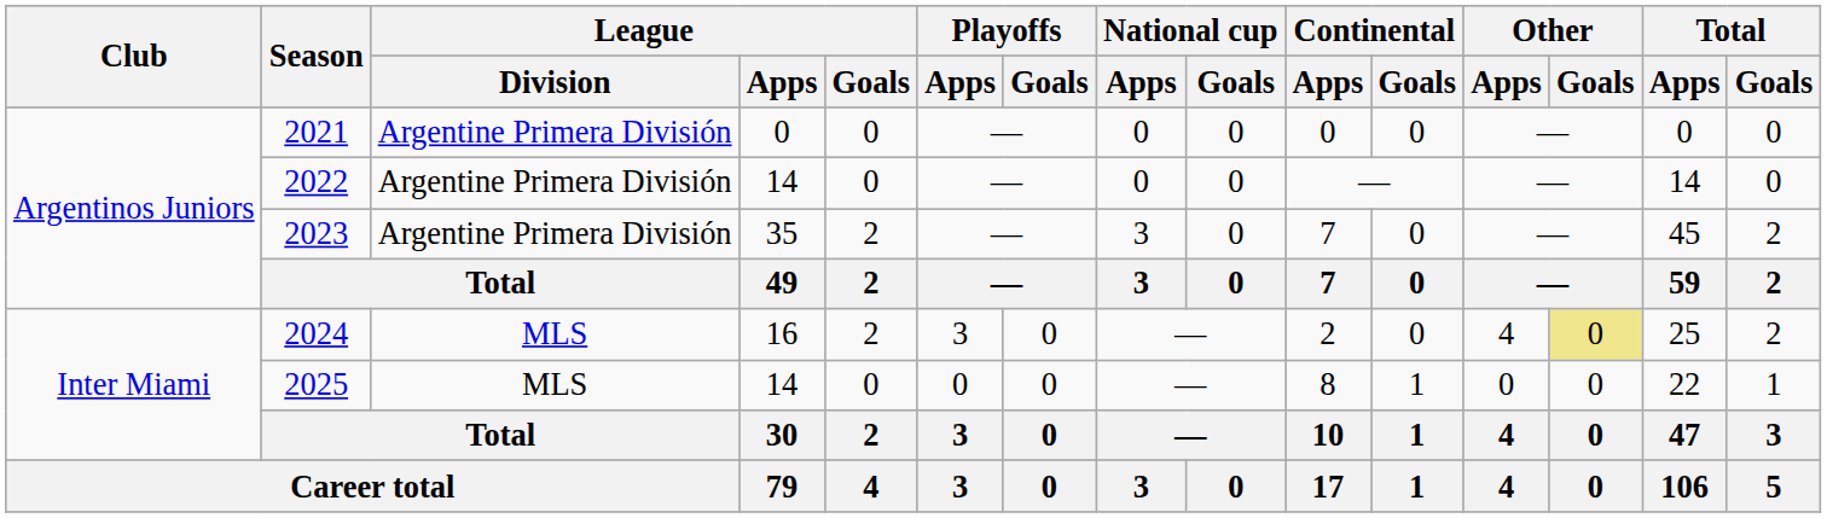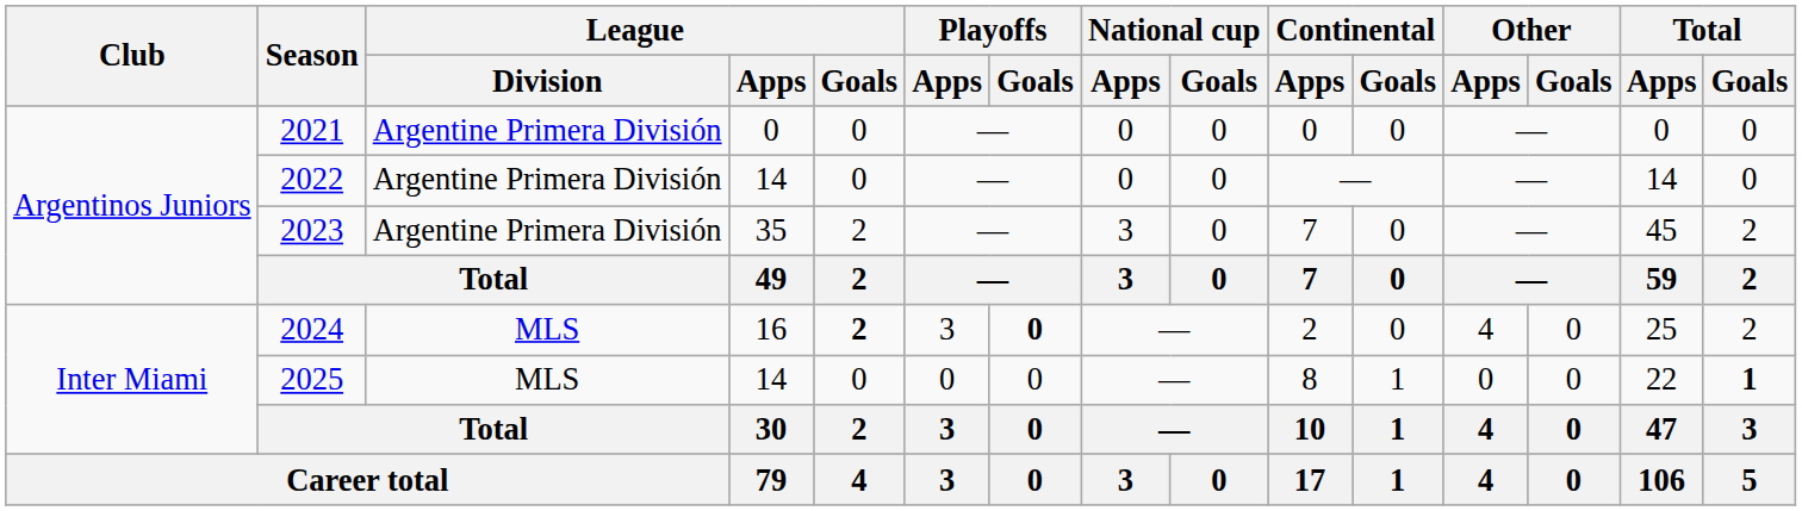 <table class="wikitable" Style="text-align: center">
 <tr>
 <th rowspan="2">Club</th>
 <th rowspan="2">Season</th>
 <th colspan="3">League</th>
 <th colspan="2">Playoffs</th>
 <th colspan="2">National cup</th>
 <th colspan="2">Continental</th>
 <th colspan="2">Other</th>
 <th colspan="2">Total</th>
 </tr>
 <tr>
 <th>Division</th>
 <th>Apps</th>
 <th>Goals</th>
 <th>Apps</th>
 <th>Goals</th>
 <th>Apps</th>
 <th>Goals</th>
 <th>Apps</th>
 <th>Goals</th>
 <th>Apps</th>
 <th>Goals</th>
 <th>Apps</th>
 <th>Goals</th>
 </tr>
 <tr>
 <td rowspan="4"><a href='#'>Argentinos Juniors</a></td>
 <td><a href='#'>2021</a></td>
 <td><a href='#'>Argentine Primera División</a></td>
 <td>0</td>
 <td>0</td>
 <td colspan="2">—</td>
 <td>0</td>
 <td>0</td>
 <td>0</td>
 <td>0</td>
 <td colspan="2">—</td>
 <td>0</td>
 <td>0</td>
 </tr>
 <tr>
 <td><a href='#'>2022</a></td>
 <td>Argentine Primera División</td>
 <td>14</td>
 <td>0</td>
 <td colspan="2">—</td>
 <td>0</td>
 <td>0</td>
 <td colspan="2">—</td>
 <td colspan="2">—</td>
 <td>14</td>
 <td>0</td>
 </tr>
 <tr>
 <td><a href='#'>2023</a></td>
 <td>Argentine Primera División</td>
 <td>35</td>
 <td>2</td>
 <td colspan="2">—</td>
 <td>3</td>
 <td>0</td>
 <td>7</td>
 <td>0</td>
 <td colspan="2">—</td>
 <td>45</td>
 <td>2</td>
 </tr>
 <tr>
 <th colspan="2">Total</th>
 <th>49</th>
 <th>2</th>
 <th colspan="2">—</th>
 <th>3</th>
 <th>0</th>
 <th>7</th>
 <th>0</th>
 <th colspan="2">—</th>
 <th>59</th>
 <th>2</th>
 </tr>
 <tr>
 <td rowspan="3"><a href='#'>Inter Miami</a></td>
 <td><a href='#'>2024</a></td>
 <td><a href='#'>MLS</a></td>
 <td>16</td>
-<td>2</td>
+<td><strong>2</strong></td>
 <td>3</td>
-<td>0</td>
+<td><strong>0</strong></td>
 <td colspan="2">—</td>
 <td>2</td>
 <td>0</td>
 <td>4</td>
-<td style="background: khaki;">0</td>
+<td>0</td>
 <td>25</td>
 <td>2</td>
 </tr>
 <tr>
 <td><a href='#'>2025</a></td>
 <td>MLS</td>
 <td>14</td>
 <td>0</td>
 <td>0</td>
 <td>0</td>
 <td colspan="2">—</td>
 <td>8</td>
 <td>1</td>
 <td>0</td>
 <td>0</td>
 <td>22</td>
-<td>1</td>
+<td><strong>1</strong></td>
 </tr>
 <tr>
 <th colspan="2">Total</th>
 <th>30</th>
 <th>2</th>
 <th>3</th>
 <th>0</th>
 <th colspan="2">—</th>
 <th>10</th>
 <th>1</th>
 <th>4</th>
 <th>0</th>
 <th>47</th>
 <th>3</th>
 </tr>
 <tr>
 <th colspan="3">Career total</th>
 <th>79</th>
 <th>4</th>
 <th>3</th>
 <th>0</th>
 <th>3</th>
 <th>0</th>
 <th>17</th>
 <th>1</th>
 <th>4</th>
 <th>0</th>
 <th>106</th>
 <th>5</th>
 </tr>
 </table>
